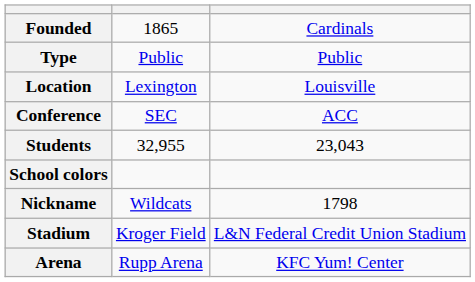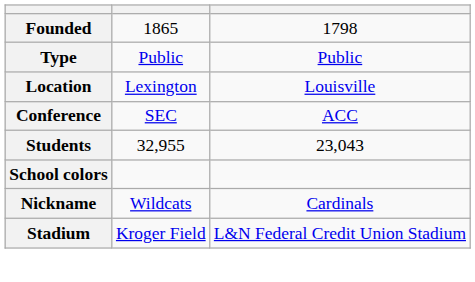 <table class="wikitable" style="float:right; clear:right; margin-left:1em; font-size:88%;">
 <tr>
 <th></th>
 <th><a href='#'></a></th>
 <th><a href='#'></a></th>
 </tr>
 <tr>
 <th scope=row>Founded</th>
 <td align=center>1865</td>
-<td align=center><a href='#'>Cardinals</a></td>
+<td align=center>1798</td>
 </tr>
 <tr>
 <th scope=row>Type</th>
 <td align=center><a href='#'>Public</a></td>
 <td align=center><a href='#'>Public</a></td>
 </tr>
 <tr>
 <th scope=row>Location</th>
 <td align=center><a href='#'>Lexington</a></td>
 <td align=center><a href='#'>Louisville</a></td>
 </tr>
 <tr>
 <th scope=row>Conference</th>
 <td align=center><a href='#'>SEC</a></td>
 <td align=center><a href='#'>ACC</a></td>
 </tr>
 <tr>
 <th scope=row>Students</th>
 <td align=center>32,955</td>
 <td align=center>23,043</td>
 </tr>
 <tr>
 <th scope=row>School colors</th>
 <td align=center> </td>
 <td align=center> </td>
 </tr>
 <tr>
 <th scope=row>Nickname</th>
 <td align=center><a href='#'>Wildcats</a></td>
-<td align=center>1798</td>
+<td align=center><a href='#'>Cardinals</a></td>
 </tr>
 <tr>
 <th scope=row>Stadium</th>
 <td align=center><a href='#'>Kroger Field</a></td>
 <td align=center><a href='#'>L&N Federal Credit Union Stadium</a></td>
 </tr>
-<tr>
-<th scope=row>Arena</th>
-<td align=center><a href='#'>Rupp Arena</a></td>
-<td align=center><a href='#'>KFC Yum! Center</a></td>
-</tr>
 </table>
